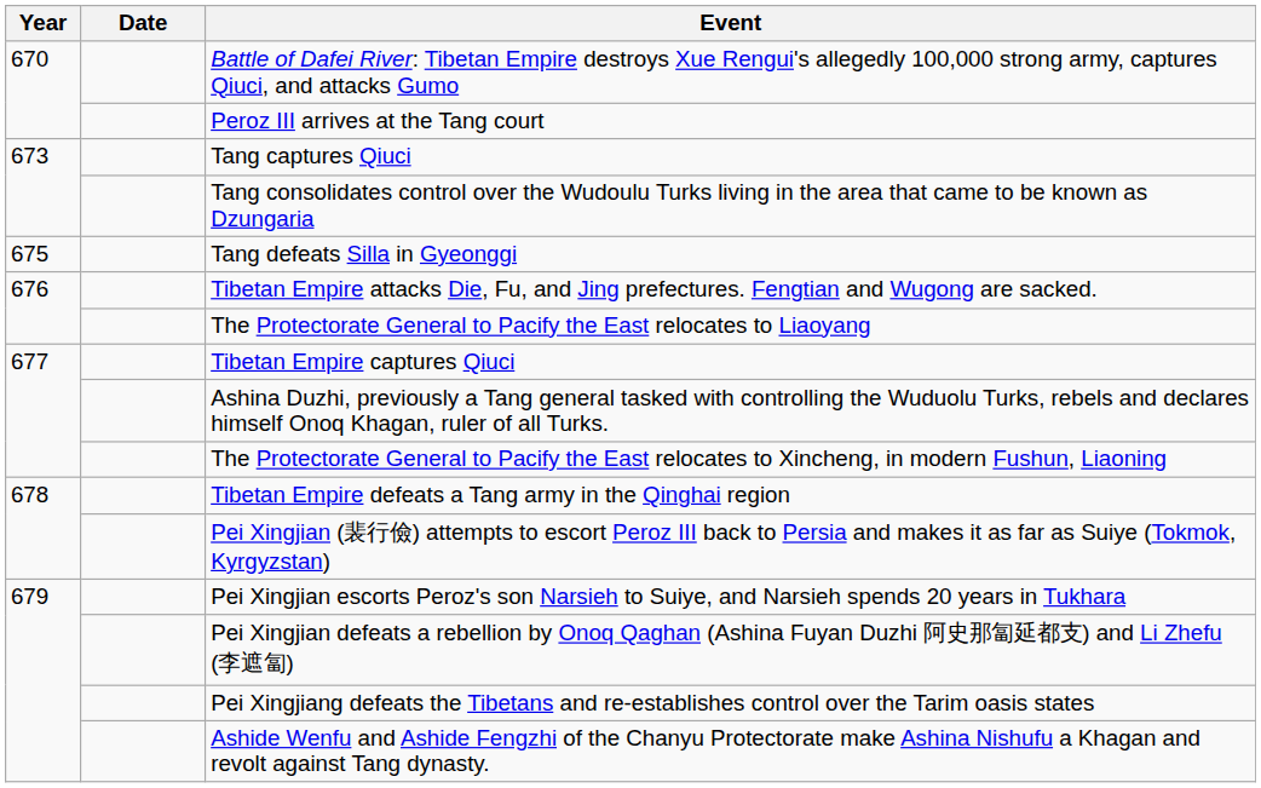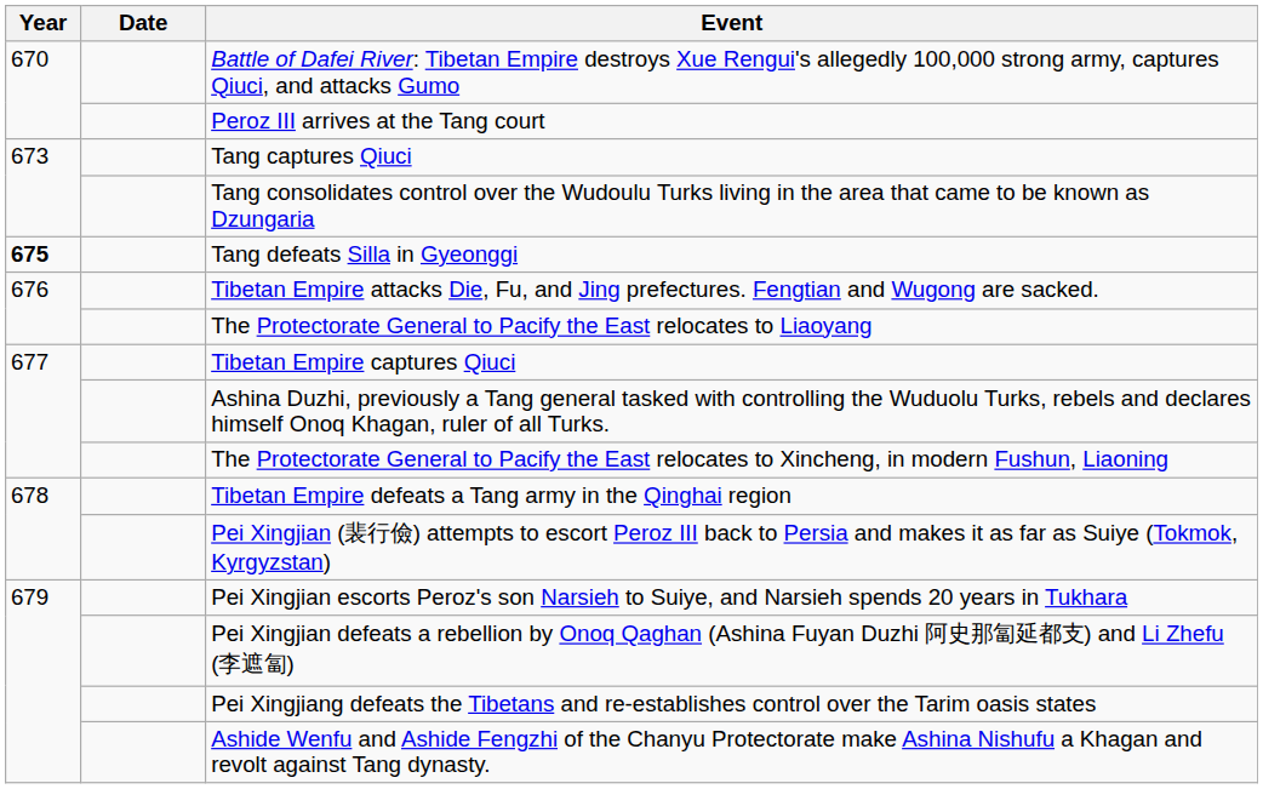 <table class="wikitable" width="100%">
 <tr>
 <th style="width:6%">Year</th>
 <th style="width:10%">Date</th>
 <th>Event</th>
 </tr>
 <tr>
 <td rowspan="2" valign="top">670</td>
 <td></td>
 <td><em><a href='#'>Battle of Dafei River</a></em>: <a href='#'>Tibetan Empire</a> destroys <a href='#'>Xue Rengui</a>'s allegedly 100,000 strong army, captures <a href='#'>Qiuci</a>, and attacks <a href='#'>Gumo</a></td>
 </tr>
 <tr>
 <td></td>
 <td><a href='#'>Peroz III</a> arrives at the Tang court</td>
 </tr>
 <tr>
 <td rowspan="2" valign="top">673</td>
 <td></td>
 <td>Tang captures <a href='#'>Qiuci</a></td>
 </tr>
 <tr>
 <td></td>
 <td>Tang consolidates control over the Wudoulu Turks living in the area that came to be known as <a href='#'>Dzungaria</a></td>
 </tr>
 <tr>
-<td>675</td>
+<td><strong>675</strong></td>
 <td></td>
 <td>Tang defeats <a href='#'>Silla</a> in <a href='#'>Gyeonggi</a></td>
 </tr>
 <tr>
 <td rowspan="2" valign="top">676</td>
 <td></td>
 <td><a href='#'>Tibetan Empire</a> attacks <a href='#'>Die</a>, Fu, and <a href='#'>Jing</a> prefectures. <a href='#'>Fengtian</a> and <a href='#'>Wugong</a> are sacked.</td>
 </tr>
 <tr>
 <td></td>
 <td>The <a href='#'>Protectorate General to Pacify the East</a> relocates to <a href='#'>Liaoyang</a></td>
 </tr>
 <tr>
 <td rowspan="3" valign="top">677</td>
 <td></td>
 <td><a href='#'>Tibetan Empire</a> captures <a href='#'>Qiuci</a></td>
 </tr>
 <tr>
 <td></td>
 <td>Ashina Duzhi, previously a Tang general tasked with controlling the Wuduolu Turks, rebels and declares himself Onoq Khagan, ruler of all Turks.</td>
 </tr>
 <tr>
 <td></td>
 <td>The <a href='#'>Protectorate General to Pacify the East</a> relocates to Xincheng, in modern <a href='#'>Fushun</a>, <a href='#'>Liaoning</a></td>
 </tr>
 <tr>
 <td rowspan="2" valign="top">678</td>
 <td></td>
 <td><a href='#'>Tibetan Empire</a> defeats a Tang army in the <a href='#'>Qinghai</a> region</td>
 </tr>
 <tr>
 <td></td>
 <td><a href='#'>Pei Xingjian</a> (裴行儉) attempts to escort <a href='#'>Peroz III</a> back to <a href='#'>Persia</a> and makes it as far as Suiye (<a href='#'>Tokmok</a>, <a href='#'>Kyrgyzstan</a>)</td>
 </tr>
 <tr>
 <td rowspan="4" valign="top">679</td>
 <td></td>
 <td>Pei Xingjian escorts Peroz's son <a href='#'>Narsieh</a> to Suiye, and Narsieh spends 20 years in <a href='#'>Tukhara</a></td>
 </tr>
 <tr>
 <td></td>
 <td>Pei Xingjian defeats a rebellion by <a href='#'>Onoq Qaghan</a> (Ashina Fuyan Duzhi 阿史那匐延都支) and <a href='#'>Li Zhefu</a> (李遮匐)</td>
 </tr>
 <tr>
 <td></td>
 <td>Pei Xingjiang defeats the <a href='#'>Tibetans</a> and re-establishes control over the Tarim oasis states</td>
 </tr>
 <tr>
 <td></td>
 <td><a href='#'>Ashide Wenfu</a> and <a href='#'>Ashide Fengzhi</a> of the Chanyu Protectorate make <a href='#'>Ashina Nishufu</a> a Khagan and revolt against Tang dynasty.</td>
 </tr>
 </table>
